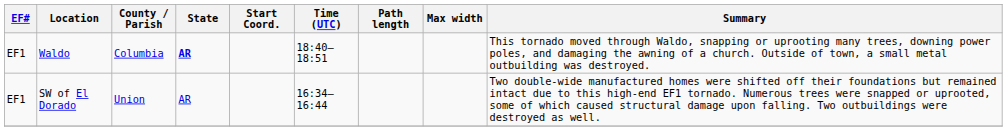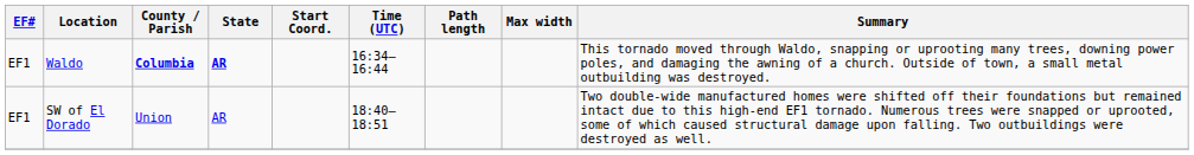 <table class="wikitable sortable" style="width:100%;">
 <tr>
 <th scope="col"  style="width:3%; text-align:center;"><a href='#'>EF#</a></th>
 <th scope="col"  style="width:7%; text-align:center;" class="unsortable">Location</th>
 <th scope="col"  style="width:6%; text-align:center;" class="unsortable">County / Parish</th>
 <th scope="col"  style="width:5%; text-align:center;">State</th>
 <th scope="col"  style="width:6%; text-align:center;">Start Coord.</th>
 <th scope="col"  style="width:6%; text-align:center;">Time (<a href='#'>UTC</a>)</th>
 <th scope="col"  style="width:6%; text-align:center;">Path length</th>
 <th scope="col"  style="width:6%; text-align:center;">Max width</th>
 <th scope="col" class="unsortable" style="width:48%; text-align:center;">Summary</th>
 </tr>
 <tr>
 <td>EF1</td>
 <td><a href='#'>Waldo</a></td>
-<td><a href='#'>Columbia</a></td>
+<td><strong><a href='#'>Columbia</a></strong></td>
 <td><strong><a href='#'>AR</a></strong></td>
 <td></td>
-<td>18:40–18:51</td>
+<td>16:34–16:44</td>
 <td></td>
 <td></td>
 <td>This tornado moved through Waldo, snapping or uprooting many trees, downing power poles, and damaging the awning of a church. Outside of town, a small metal outbuilding was destroyed.</td>
 </tr>
 <tr>
 <td>EF1</td>
 <td>SW of <a href='#'>El Dorado</a></td>
 <td><a href='#'>Union</a></td>
 <td><a href='#'>AR</a></td>
 <td></td>
-<td>16:34–16:44</td>
+<td>18:40–18:51</td>
 <td></td>
 <td></td>
 <td>Two double-wide manufactured homes were shifted off their foundations but remained intact due to this high-end EF1 tornado. Numerous trees were snapped or uprooted, some of which caused structural damage upon falling. Two outbuildings were destroyed as well.</td>
 </tr>
 <tr>
 </tr>
 </table>
